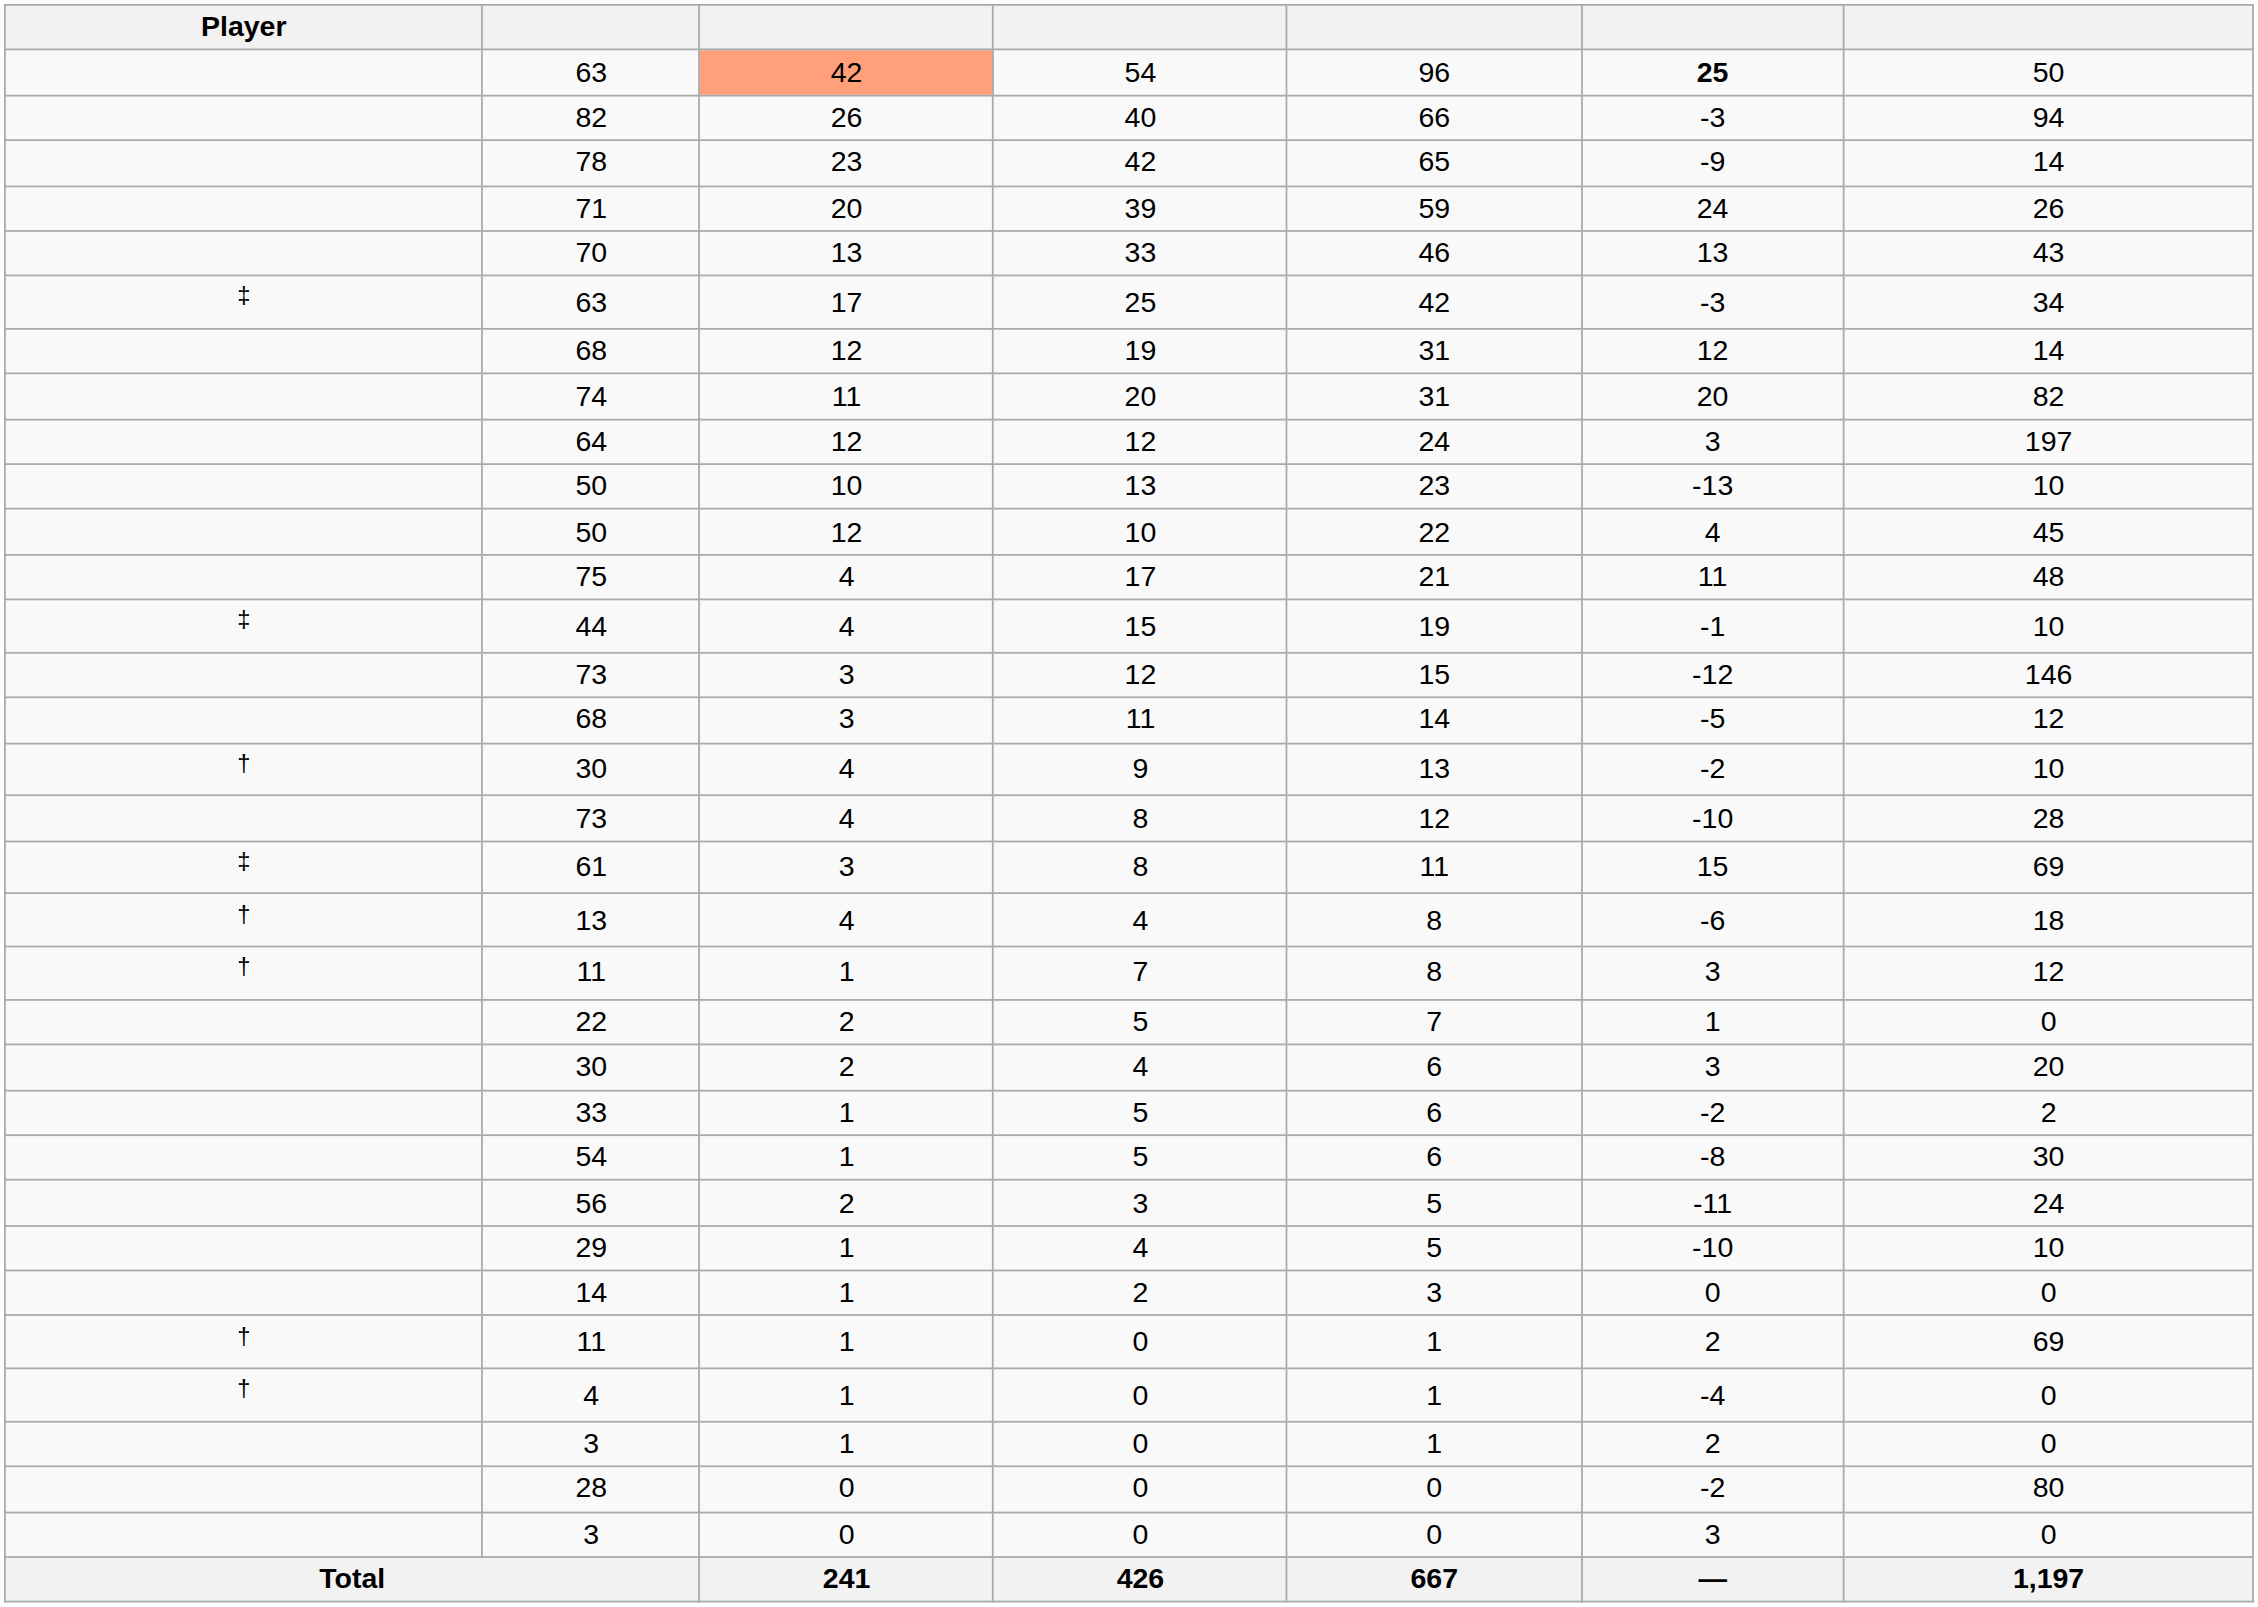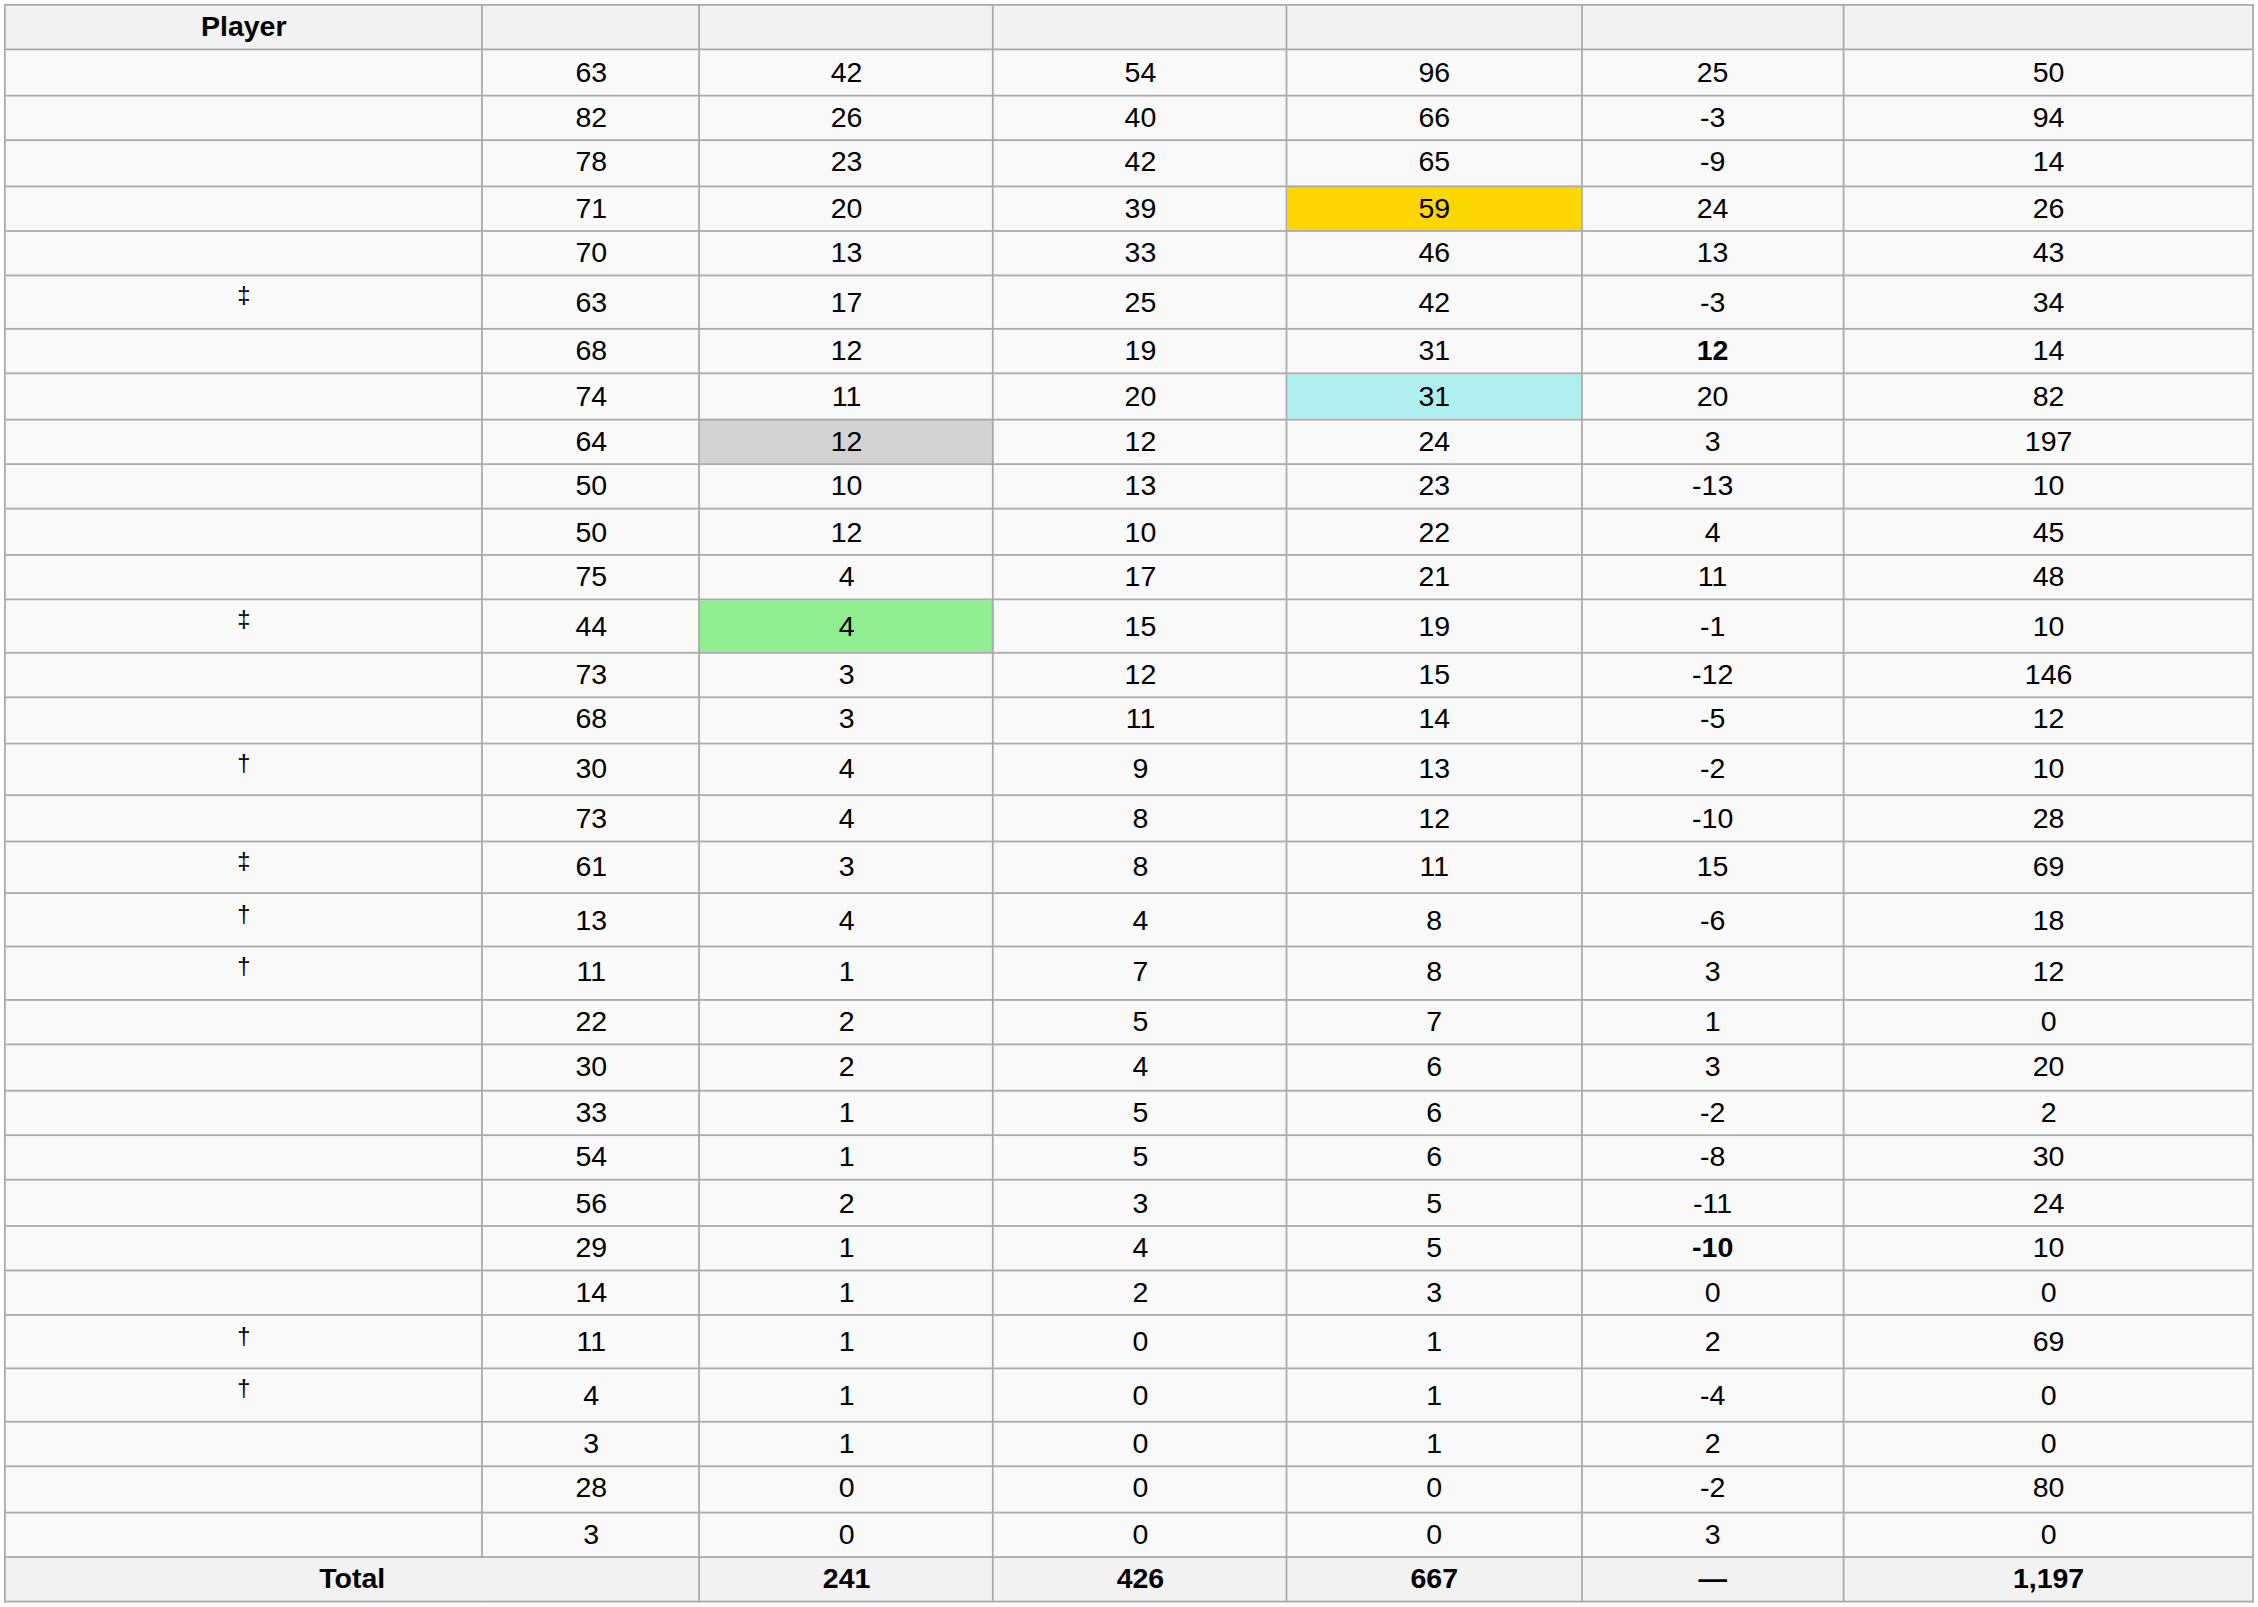 <table class="wikitable sortable" style="width:100%; text-align:center;">
 <tr align=center>
 <th>Player</th>
 <th></th>
 <th></th>
 <th></th>
 <th></th>
 <th data-sort-type="number"></th>
 <th></th>
 </tr>
 <tr>
 <td></td>
 <td>63</td>
-<td style="background: lightsalmon;">42</td>
+<td>42</td>
 <td>54</td>
 <td>96</td>
-<td><strong>25</strong></td>
+<td>25</td>
 <td>50</td>
 </tr>
 <tr>
 <td></td>
 <td>82</td>
 <td>26</td>
 <td>40</td>
 <td>66</td>
 <td>-3</td>
 <td>94</td>
 </tr>
 <tr>
 <td></td>
 <td>78</td>
 <td>23</td>
 <td>42</td>
 <td>65</td>
 <td>-9</td>
 <td>14</td>
 </tr>
 <tr>
 <td></td>
 <td>71</td>
 <td>20</td>
 <td>39</td>
-<td>59</td>
+<td style="background: gold;">59</td>
 <td>24</td>
 <td>26</td>
 </tr>
 <tr>
 <td></td>
 <td>70</td>
 <td>13</td>
 <td>33</td>
 <td>46</td>
 <td>13</td>
 <td>43</td>
 </tr>
 <tr>
 <td><sup>‡</sup></td>
 <td>63</td>
 <td>17</td>
 <td>25</td>
 <td>42</td>
 <td>-3</td>
 <td>34</td>
 </tr>
 <tr>
 <td></td>
 <td>68</td>
 <td>12</td>
 <td>19</td>
 <td>31</td>
-<td>12</td>
+<td><strong>12</strong></td>
 <td>14</td>
 </tr>
 <tr>
 <td></td>
 <td>74</td>
 <td>11</td>
 <td>20</td>
-<td>31</td>
+<td style="background: paleturquoise;">31</td>
 <td>20</td>
 <td>82</td>
 </tr>
 <tr>
 <td></td>
 <td>64</td>
-<td>12</td>
+<td style="background: lightgrey;">12</td>
 <td>12</td>
 <td>24</td>
 <td>3</td>
 <td>197</td>
 </tr>
 <tr>
 <td></td>
 <td>50</td>
 <td>10</td>
 <td>13</td>
 <td>23</td>
 <td>-13</td>
 <td>10</td>
 </tr>
 <tr>
 <td></td>
 <td>50</td>
 <td>12</td>
 <td>10</td>
 <td>22</td>
 <td>4</td>
 <td>45</td>
 </tr>
 <tr>
 <td></td>
 <td>75</td>
 <td>4</td>
 <td>17</td>
 <td>21</td>
 <td>11</td>
 <td>48</td>
 </tr>
 <tr>
 <td><sup>‡</sup></td>
 <td>44</td>
-<td>4</td>
+<td style="background: lightgreen;">4</td>
 <td>15</td>
 <td>19</td>
 <td>-1</td>
 <td>10</td>
 </tr>
 <tr>
 <td></td>
 <td>73</td>
 <td>3</td>
 <td>12</td>
 <td>15</td>
 <td>-12</td>
 <td>146</td>
 </tr>
 <tr>
 <td></td>
 <td>68</td>
 <td>3</td>
 <td>11</td>
 <td>14</td>
 <td>-5</td>
 <td>12</td>
 </tr>
 <tr>
 <td><sup>†</sup></td>
 <td>30</td>
 <td>4</td>
 <td>9</td>
 <td>13</td>
 <td>-2</td>
 <td>10</td>
 </tr>
 <tr>
 <td></td>
 <td>73</td>
 <td>4</td>
 <td>8</td>
 <td>12</td>
 <td>-10</td>
 <td>28</td>
 </tr>
 <tr>
 <td><sup>‡</sup></td>
 <td>61</td>
 <td>3</td>
 <td>8</td>
 <td>11</td>
 <td>15</td>
 <td>69</td>
 </tr>
 <tr>
 <td><sup>†</sup></td>
 <td>13</td>
 <td>4</td>
 <td>4</td>
 <td>8</td>
 <td>-6</td>
 <td>18</td>
 </tr>
 <tr>
 <td><sup>†</sup></td>
 <td>11</td>
 <td>1</td>
 <td>7</td>
 <td>8</td>
 <td>3</td>
 <td>12</td>
 </tr>
 <tr>
 <td></td>
 <td>22</td>
 <td>2</td>
 <td>5</td>
 <td>7</td>
 <td>1</td>
 <td>0</td>
 </tr>
 <tr>
 <td></td>
 <td>30</td>
 <td>2</td>
 <td>4</td>
 <td>6</td>
 <td>3</td>
 <td>20</td>
 </tr>
 <tr>
 <td></td>
 <td>33</td>
 <td>1</td>
 <td>5</td>
 <td>6</td>
 <td>-2</td>
 <td>2</td>
 </tr>
 <tr>
 <td></td>
 <td>54</td>
 <td>1</td>
 <td>5</td>
 <td>6</td>
 <td>-8</td>
 <td>30</td>
 </tr>
 <tr>
 <td></td>
 <td>56</td>
 <td>2</td>
 <td>3</td>
 <td>5</td>
 <td>-11</td>
 <td>24</td>
 </tr>
 <tr>
 <td></td>
 <td>29</td>
 <td>1</td>
 <td>4</td>
 <td>5</td>
-<td>-10</td>
+<td><strong>-10</strong></td>
 <td>10</td>
 </tr>
 <tr>
 <td></td>
 <td>14</td>
 <td>1</td>
 <td>2</td>
 <td>3</td>
 <td>0</td>
 <td>0</td>
 </tr>
 <tr>
 <td><sup>†</sup></td>
 <td>11</td>
 <td>1</td>
 <td>0</td>
 <td>1</td>
 <td>2</td>
 <td>69</td>
 </tr>
 <tr>
 <td><sup>†</sup></td>
 <td>4</td>
 <td>1</td>
 <td>0</td>
 <td>1</td>
 <td>-4</td>
 <td>0</td>
 </tr>
 <tr>
 <td></td>
 <td>3</td>
 <td>1</td>
 <td>0</td>
 <td>1</td>
 <td>2</td>
 <td>0</td>
 </tr>
 <tr>
 <td></td>
 <td>28</td>
 <td>0</td>
 <td>0</td>
 <td>0</td>
 <td>-2</td>
 <td>80</td>
 </tr>
 <tr>
 <td></td>
 <td>3</td>
 <td>0</td>
 <td>0</td>
 <td>0</td>
 <td>3</td>
 <td>0</td>
 </tr>
 <tr class="sortbottom">
 <th colspan=2>Total</th>
 <th>241</th>
 <th>426</th>
 <th>667</th>
 <th>—</th>
 <th>1,197</th>
 </tr>
 </table>
